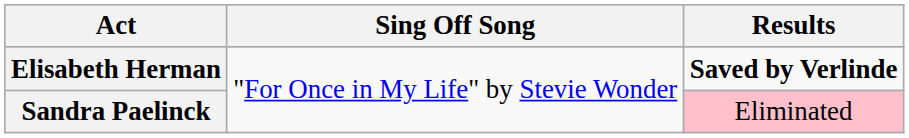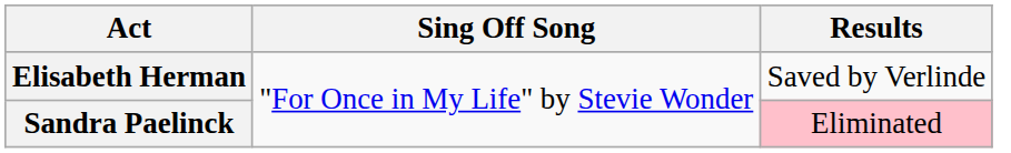 <table class="wikitable plainrowheaders" style="text-align:center;">
 <tr>
 <th scope="col">Act</th>
 <th scope="col">Sing Off Song</th>
 <th scope="col">Results</th>
 </tr>
 <tr>
 <th scope="row">Elisabeth Herman</th>
 <td rowspan="2">"<a href='#'>For Once in My Life</a>" by <a href='#'>Stevie Wonder</a></td>
-<td><strong>Saved by Verlinde</strong></td>
+<td>Saved by Verlinde</td>
 </tr>
 <tr>
 <th scope="row">Sandra Paelinck</th>
 <td style="background:pink;">Eliminated</td>
 </tr>
 </table>
